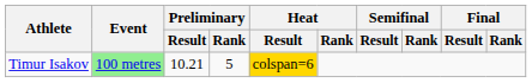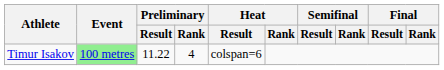 <table class="wikitable" style="font-size:90%">
 <tr>
 <th rowspan="2">Athlete</th>
 <th rowspan="2">Event</th>
 <th colspan="2">Preliminary</th>
 <th colspan="2">Heat</th>
 <th colspan="2">Semifinal</th>
 <th colspan="2">Final</th>
 </tr>
 <tr style="font-size:95%">
 <th>Result</th>
 <th>Rank</th>
 <th>Result</th>
 <th>Rank</th>
 <th>Result</th>
 <th>Rank</th>
 <th>Result</th>
 <th>Rank</th>
 </tr>
 <tr align=center>
 <td align=left><a href='#'>Timur Isakov</a></td>
 <td align=left style="background: lightgreen;"><a href='#'>100 metres</a></td>
-<td>10.21 </td>
-<td>5</td>
-<td style="background: gold;">colspan=6 </td>
+<td>11.22 </td>
+<td>4</td>
+<td>colspan=6 </td>
 </tr>
 </table>
